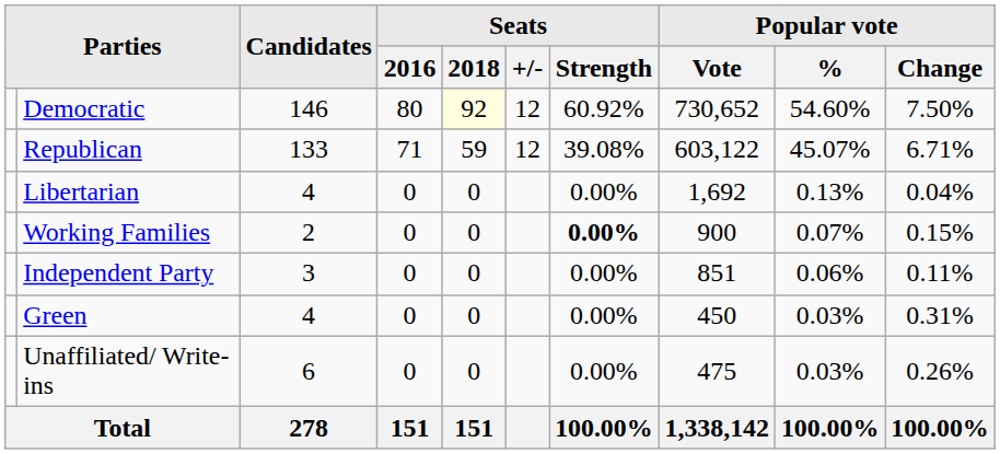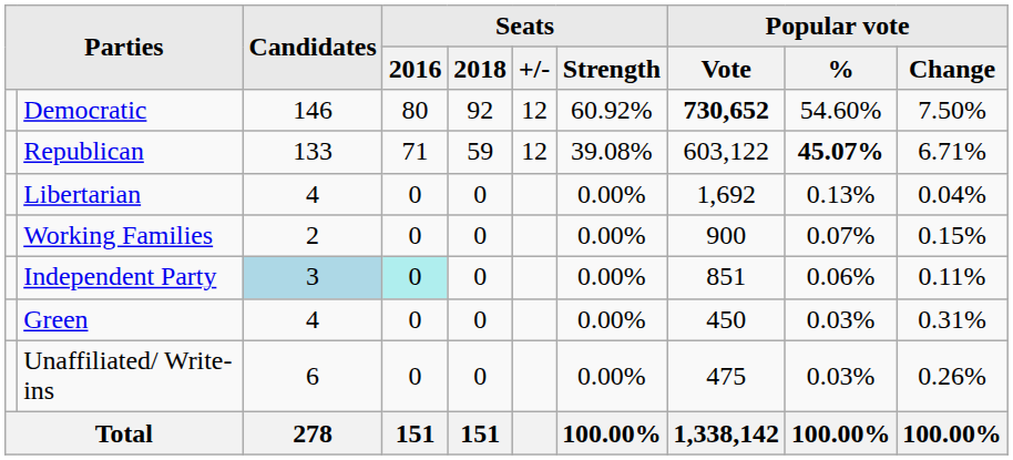 <table class="wikitable">
 <tr>
 <th style="background-color:#E9E9E9" align=center rowspan= 2 colspan=2>Parties</th>
 <th style="background-color:#E9E9E9" align=center rowspan= 2>Candidates</th>
 <th style="background-color:#E9E9E9" align=center colspan=4>Seats</th>
 <th style="background-color:#E9E9E9" align=center colspan=3>Popular vote</th>
 </tr>
 <tr>
 <th align=center>2016</th>
 <th align=center>2018</th>
 <th align=center>+/-</th>
 <th align=center>Strength</th>
 <th align=center>Vote</th>
 <th align=center>%</th>
 <th align=center>Change</th>
 </tr>
 <tr>
 <td></td>
 <td><a href='#'>Democratic</a></td>
 <td align=center >146</td>
 <td align=center >80</td>
-<td align=center  style="background: lightyellow;">92</td>
+<td align=center >92</td>
 <td align=center >12</td>
 <td align=center >60.92%</td>
-<td align=center >730,652</td>
+<td align=center ><strong>730,652</strong></td>
 <td align=center >54.60%</td>
 <td align=center >7.50%</td>
 </tr>
 <tr>
 <td></td>
 <td align=left><a href='#'>Republican</a></td>
 <td align=center>133</td>
 <td align=center>71</td>
 <td align=center>59</td>
 <td align=center>12</td>
 <td align=center>39.08%</td>
 <td align=center>603,122</td>
-<td align=center>45.07%</td>
+<td align=center><strong>45.07%</strong></td>
 <td align=center>6.71%</td>
 </tr>
 <tr>
 <td></td>
 <td align=left><a href='#'>Libertarian</a></td>
 <td align=center>4</td>
 <td align=center>0</td>
 <td align=center>0</td>
 <td align=center></td>
 <td align=center>0.00%</td>
 <td align=center>1,692</td>
 <td align=center>0.13%</td>
 <td align=center>0.04%</td>
 </tr>
 <tr>
 <td></td>
 <td align=left><a href='#'>Working Families</a></td>
 <td align="center">2</td>
 <td align="center">0</td>
 <td align="center">0</td>
 <td align="center"></td>
-<td align="center"><strong>0.00%</strong></td>
+<td align="center">0.00%</td>
 <td align="center">900</td>
 <td align="center">0.07%</td>
 <td align="center">0.15%</td>
 </tr>
 <tr>
 <td></td>
 <td align="left"><a href='#'>Independent Party</a></td>
-<td align="center">3</td>
-<td align="center">0</td>
+<td align="center" style="background: lightblue;">3</td>
+<td align="center" style="background: paleturquoise;">0</td>
 <td align="center">0</td>
 <td align="center"></td>
 <td align="center">0.00%</td>
 <td align="center">851</td>
 <td align="center">0.06%</td>
 <td align="center">0.11%</td>
 </tr>
 <tr>
 <td></td>
 <td align=left><a href='#'>Green</a></td>
 <td align=center>4</td>
 <td align=center>0</td>
 <td align=center>0</td>
 <td align=center></td>
 <td align=center>0.00%</td>
 <td align=center>450</td>
 <td align=center>0.03%</td>
 <td align=center>0.31%</td>
 </tr>
 <tr>
 <td></td>
 <td align="left">Unaffiliated/ Write-ins</td>
 <td align=center>6</td>
 <td align=center>0</td>
 <td align=center>0</td>
 <td align=center></td>
 <td align=center>0.00%</td>
 <td align=center>475</td>
 <td align=center>0.03%</td>
 <td align=center>0.26%</td>
 </tr>
 <tr>
 <th colspan="2">Total</th>
 <th>278</th>
 <th>151</th>
 <th>151</th>
 <th></th>
 <th>100.00%</th>
 <th>1,338,142</th>
 <th>100.00%</th>
 <th>100.00%</th>
 </tr>
 </table>
